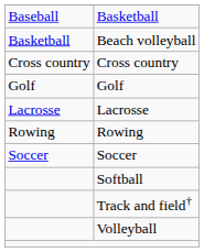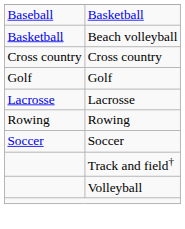 <table class="wikitable" style=" ">
 <tr>
 </tr>
 <tr>
 <td><a href='#'>Baseball</a></td>
 <td><a href='#'>Basketball</a></td>
 </tr>
 <tr>
 <td><a href='#'>Basketball</a></td>
 <td>Beach volleyball</td>
 </tr>
 <tr>
 <td>Cross country</td>
 <td>Cross country</td>
 </tr>
 <tr>
 <td>Golf</td>
 <td>Golf</td>
 </tr>
 <tr>
 <td><a href='#'>Lacrosse</a></td>
 <td>Lacrosse</td>
 </tr>
 <tr>
 <td>Rowing</td>
 <td>Rowing</td>
 </tr>
 <tr>
 <td><a href='#'>Soccer</a></td>
 <td>Soccer</td>
 </tr>
 <tr>
 <td></td>
-<td>Softball</td>
-</tr>
-<tr>
-<td></td>
 <td>Track and field<sup>†</sup></td>
 </tr>
 <tr>
 <td></td>
 <td>Volleyball</td>
 </tr>
 <tr>
 <td colspan="2"></td>
 </tr>
 </table>
